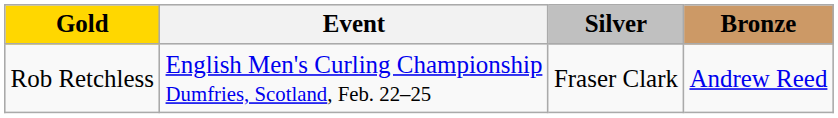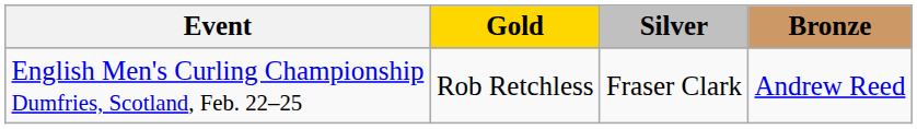 <table class="wikitable">
 <tr>
+<th>Event</th>
 <th style="background:gold">Gold</th>
-<th>Event</th>
 <th style="background:silver">Silver</th>
 <th style="background:#cc9966">Bronze</th>
 </tr>
 <tr>
+<td><a href='#'>English Men's Curling Championship</a><br> <small><a href='#'>Dumfries, Scotland</a>, Feb. 22–25</small></td>
 <td>Rob Retchless</td>
-<td><a href='#'>English Men's Curling Championship</a><br> <small><a href='#'>Dumfries, Scotland</a>, Feb. 22–25</small></td>
 <td>Fraser Clark</td>
 <td><a href='#'>Andrew Reed</a></td>
 </tr>
 </table>
